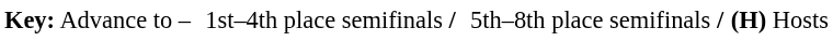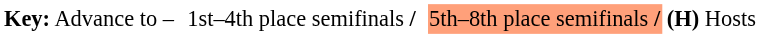 <table style="font-size: 85%;">
 <tr>
 <td height=5></td>
 </tr>
 <tr>
 <td><strong>Key:</strong> Advance to –</td>
 <td></td>
 <td>1st–4th place semifinals <strong>/</strong></td>
 <td></td>
-<td>5th–8th place semifinals <strong>/</strong></td>
+<td style="background: lightsalmon;">5th–8th place semifinals <strong>/</strong></td>
 <td><strong>(H)</strong> Hosts</td>
 </tr>
 </table>
